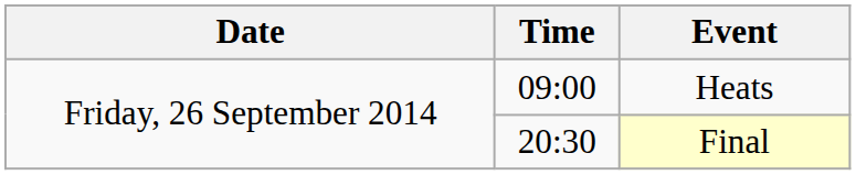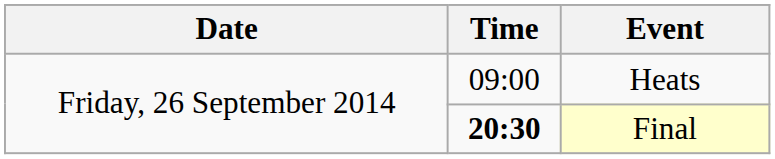 <table class = "wikitable" style="text-align:center;">
 <tr>
 <th width=220>Date</th>
 <th width=50>Time</th>
 <th width=100>Event</th>
 </tr>
 <tr>
 <td rowspan=2>Friday, 26 September 2014</td>
 <td>09:00</td>
 <td>Heats</td>
 </tr>
 <tr>
-<td>20:30</td>
+<td><strong>20:30</strong></td>
 <td bgcolor=ffffcc>Final</td>
 </tr>
 </table>
